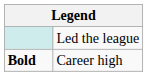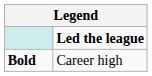 <table class="wikitable">
 <tr>
 <th colspan="2">Legend</th>
 </tr>
 <tr>
 <td style="background:#cfecec; width:3em;"></td>
-<td>Led the league</td>
+<td><strong>Led the league</strong></td>
 </tr>
 <tr>
 <td style="width:3em;"><strong>Bold</strong></td>
 <td>Career high</td>
 </tr>
 </table>
